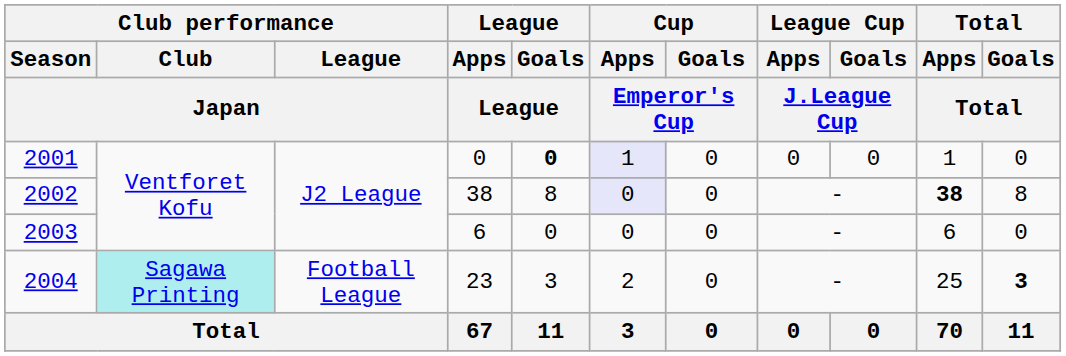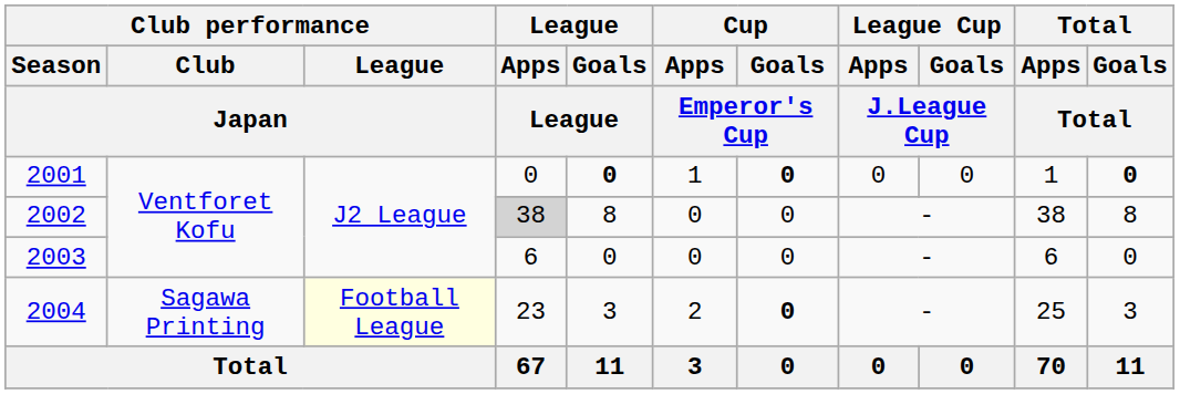 <table class="wikitable" style="text-align:center;">
 <tr>
 <th colspan=3>Club performance</th>
 <th colspan=2>League</th>
 <th colspan=2>Cup</th>
 <th colspan=2>League Cup</th>
 <th colspan=2>Total</th>
 </tr>
 <tr>
 <th>Season</th>
 <th>Club</th>
 <th>League</th>
 <th>Apps</th>
 <th>Goals</th>
 <th>Apps</th>
 <th>Goals</th>
 <th>Apps</th>
 <th>Goals</th>
 <th>Apps</th>
 <th>Goals</th>
 </tr>
 <tr>
 <th colspan=3>Japan</th>
 <th colspan=2>League</th>
 <th colspan=2><a href='#'>Emperor's Cup</a></th>
 <th colspan=2><a href='#'>J.League Cup</a></th>
 <th colspan=2>Total</th>
 </tr>
 <tr>
 <td><a href='#'>2001</a></td>
 <td rowspan="3"><a href='#'>Ventforet Kofu</a></td>
 <td rowspan="3"><a href='#'>J2 League</a></td>
 <td>0</td>
 <td><strong>0</strong></td>
-<td style="background: lavender;">1</td>
-<td>0</td>
+<td>1</td>
+<td><strong>0</strong></td>
 <td>0</td>
 <td>0</td>
 <td>1</td>
-<td>0</td>
+<td><strong>0</strong></td>
 </tr>
 <tr>
 <td><a href='#'>2002</a></td>
-<td>38</td>
+<td style="background: lightgrey;">38</td>
 <td>8</td>
-<td style="background: lavender;">0</td>
+<td>0</td>
 <td>0</td>
 <td colspan="2">-</td>
-<td><strong>38</strong></td>
+<td>38</td>
 <td>8</td>
 </tr>
 <tr>
 <td><a href='#'>2003</a></td>
 <td>6</td>
 <td>0</td>
 <td>0</td>
 <td>0</td>
 <td colspan="2">-</td>
 <td>6</td>
 <td>0</td>
 </tr>
 <tr>
 <td><a href='#'>2004</a></td>
-<td style="background: paleturquoise;"><a href='#'>Sagawa Printing</a></td>
-<td><a href='#'>Football League</a></td>
+<td><a href='#'>Sagawa Printing</a></td>
+<td style="background: lightyellow;"><a href='#'>Football League</a></td>
 <td>23</td>
 <td>3</td>
 <td>2</td>
-<td>0</td>
+<td><strong>0</strong></td>
 <td colspan="2">-</td>
 <td>25</td>
-<td><strong>3</strong></td>
+<td>3</td>
 </tr>
 <tr>
 <th colspan=3>Total</th>
 <th>67</th>
 <th>11</th>
 <th>3</th>
 <th>0</th>
 <th>0</th>
 <th>0</th>
 <th>70</th>
 <th>11</th>
 </tr>
 </table>
